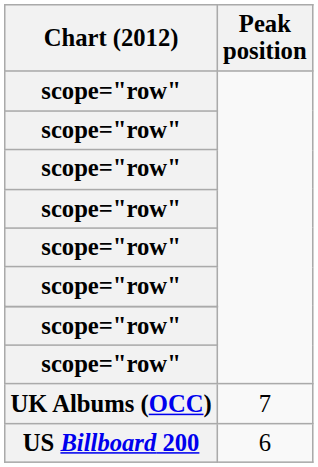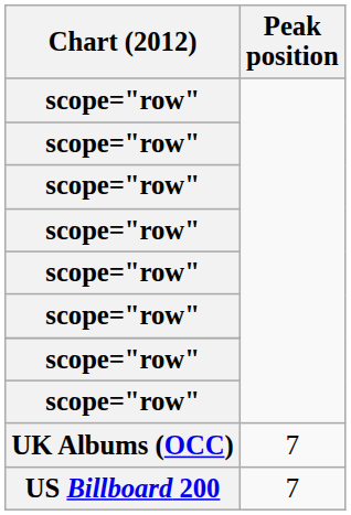 <table class="wikitable sortable plainrowheaders" style="text-align:center">
 <tr>
 <th scope="col">Chart (2012)</th>
 <th scope="col">Peak<br>position</th>
 </tr>
 <tr>
 <th>scope="row" </th>
 </tr>
 <tr>
 <th>scope="row" </th>
 </tr>
 <tr>
 <th>scope="row" </th>
 </tr>
 <tr>
 <th>scope="row" </th>
 </tr>
 <tr>
 <th>scope="row" </th>
 </tr>
 <tr>
 <th>scope="row" </th>
 </tr>
 <tr>
 </tr>
 <tr>
 <th>scope="row" </th>
 </tr>
 <tr>
 <th>scope="row" </th>
 </tr>
 <tr>
 <th scope="row">UK Albums (<a href='#'>OCC</a>)</th>
 <td style="text-align:center;">7</td>
 </tr>
 <tr>
 <th scope="row">US <a href='#'><em>Billboard</em> 200</a></th>
-<td style="text-align:center;">6</td>
+<td style="text-align:center;">7</td>
 </tr>
 </table>
